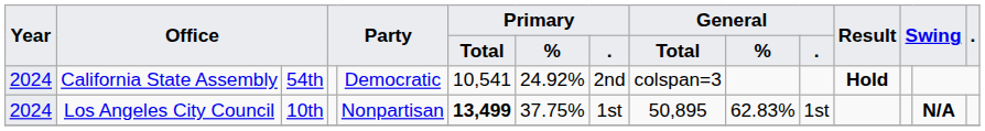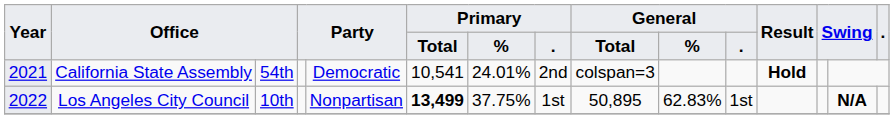 <table class="wikitable" style="font-size:90%; text-align:center;">
 <tr>
 <th style="background-color:#EAECF0;" rowspan=2>Year</th>
 <th style="background-color:#EAECF0;" rowspan=2 colspan=2>Office</th>
 <th style="background-color:#EAECF0;" colspan=2 rowspan=2>Party</th>
 <th style="background-color:#EAECF0;" colspan=3>Primary</th>
 <th style="background-color:#EAECF0;" colspan=3>General</th>
 <th style="background-color:#EAECF0;" rowspan=2>Result</th>
 <th style="background-color:#EAECF0;" colspan=2 rowspan=2><a href='#'>Swing</a></th>
 <th style="background-color:#EAECF0;" rowspan=2>.</th>
 </tr>
 <tr>
 <th style="background-color:#EAECF0;">Total</th>
 <th style="background-color:#EAECF0;">%</th>
 <th style="background-color:#EAECF0;">.</th>
 <th style="background-color:#EAECF0;">Total</th>
 <th style="background-color:#EAECF0;">%</th>
 <th style="background-color:#EAECF0;">.</th>
 </tr>
 <tr>
-<td style="background-color:#EAECF0;"><a href='#'>2024</a></td>
+<td style="background-color:#EAECF0;"><a href='#'>2021</a></td>
 <td><a href='#'>California State Assembly</a></td>
 <td><a href='#'>54th</a></td>
 <td style="background-color:"></td>
 <td><a href='#'>Democratic</a></td>
 <td>10,541</td>
-<td>24.92%</td>
+<td>24.01%</td>
 <td>2nd</td>
 <td>colspan=3 </td>
 <td></td>
 <td style="background-color:"></td>
 <td><strong>Hold</strong></td>
 <td></td>
 </tr>
 <tr>
-<td style="background-color:#EAECF0;"><a href='#'>2024</a></td>
+<td style="background-color:#EAECF0;"><a href='#'>2022</a></td>
 <td><a href='#'>Los Angeles City Council</a></td>
 <td><a href='#'>10th</a></td>
 <td style="background-color:"></td>
 <td><a href='#'>Nonpartisan</a></td>
 <td><strong>13,499</strong></td>
 <td>37.75%</td>
 <td>1st</td>
 <td>50,895</td>
 <td>62.83%</td>
 <td>1st</td>
 <td></td>
 <td style="background-color:"></td>
 <td><strong>N/A</strong></td>
 <td></td>
 </tr>
 <tr>
 </tr>
 </table>
